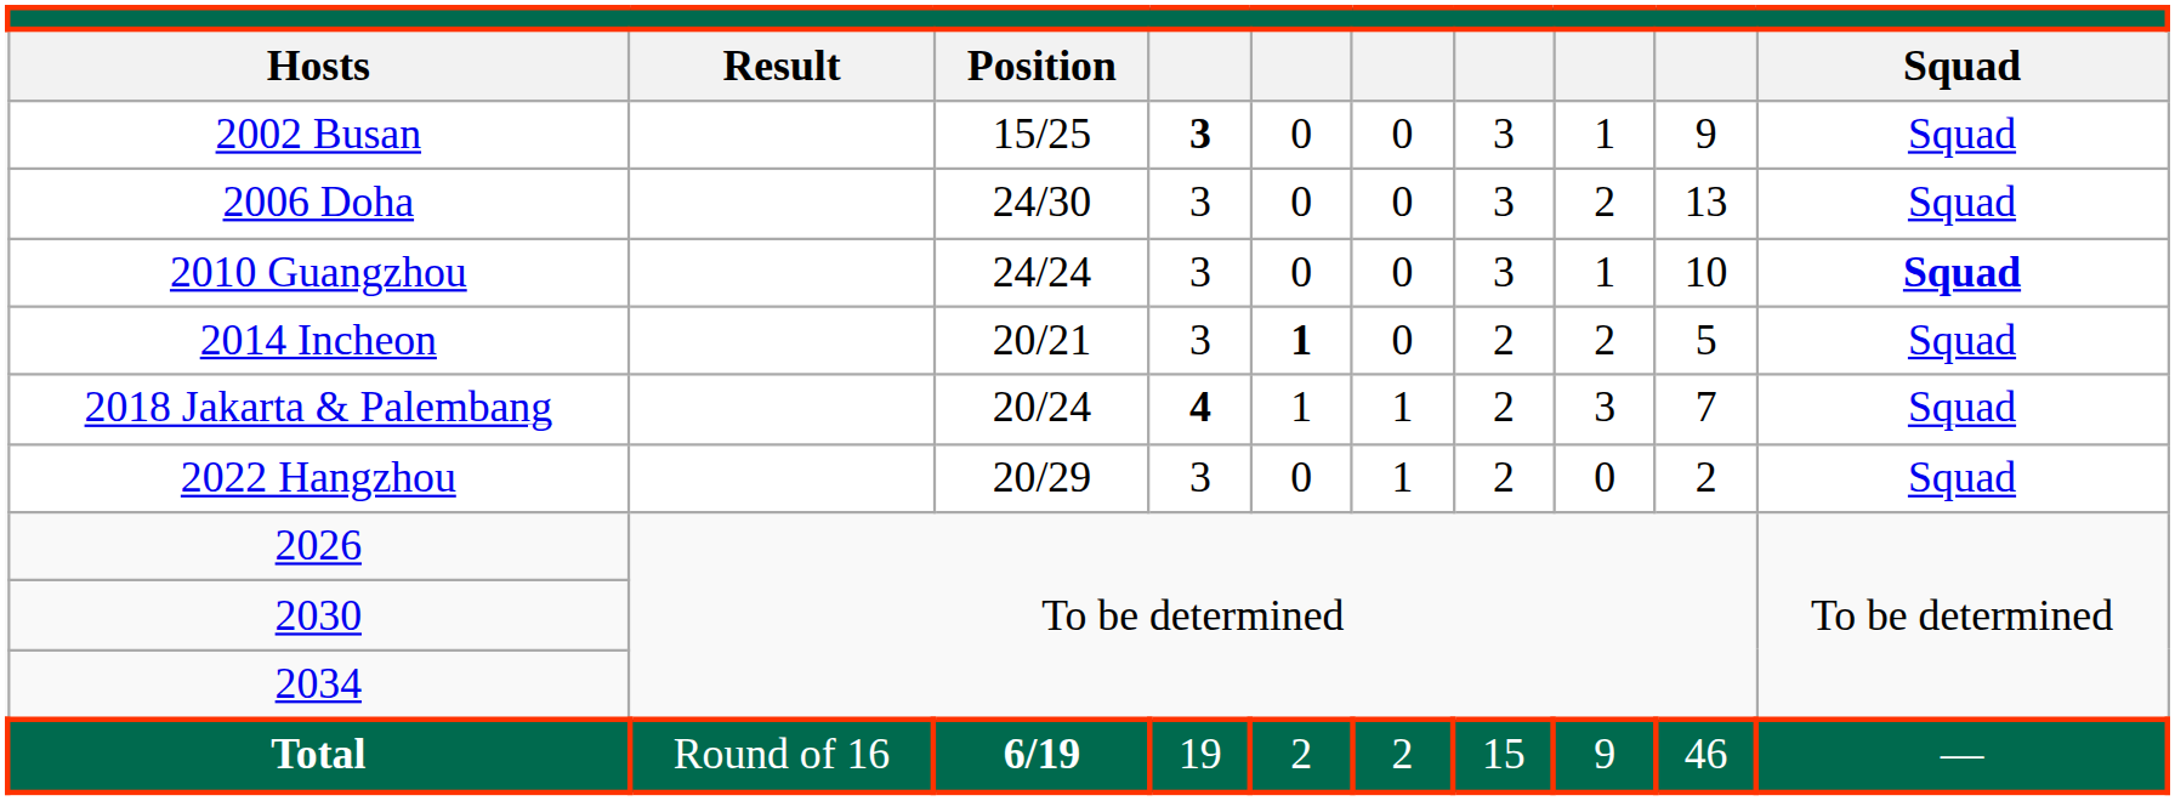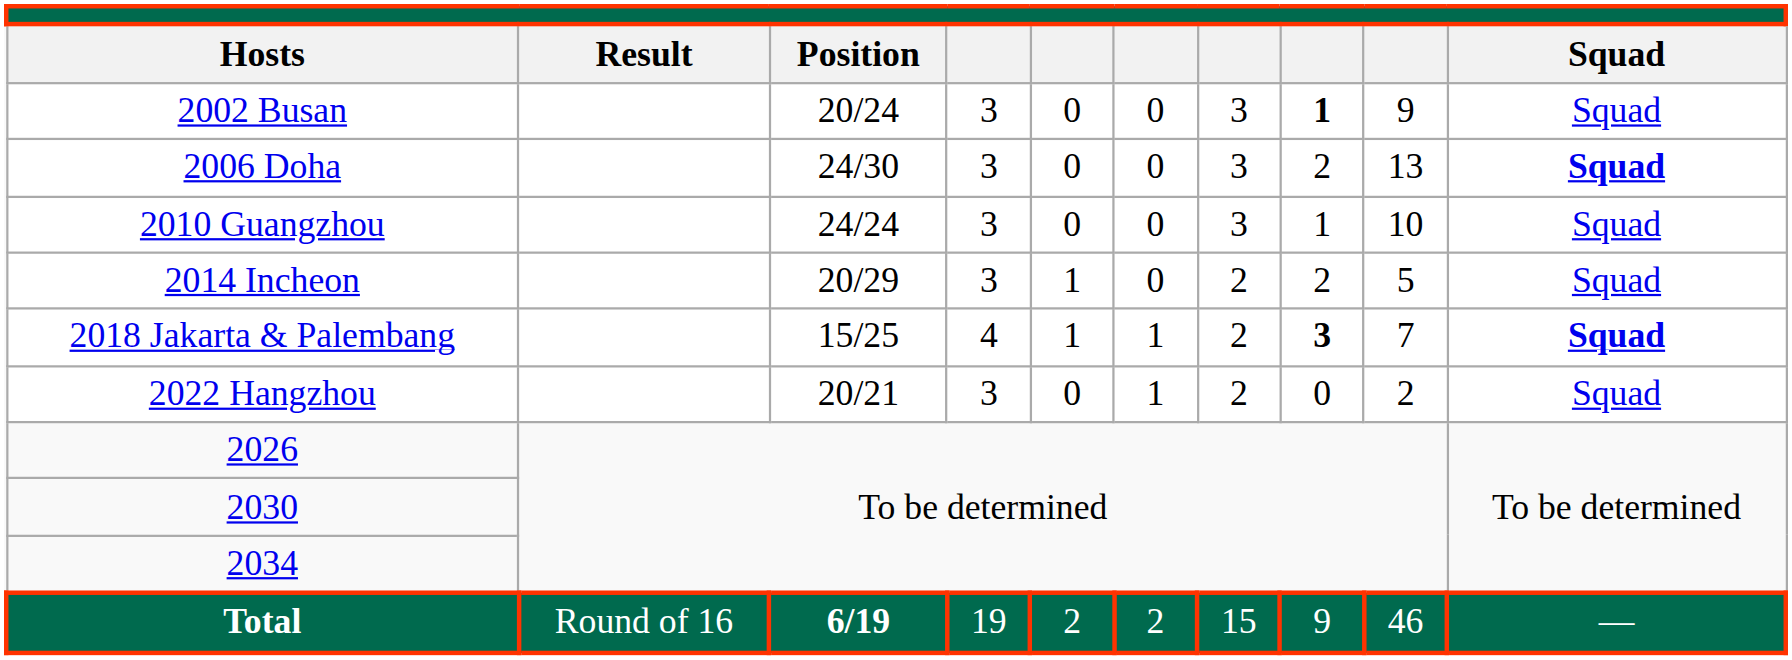 <table class="wikitable" style="text-align: center; font-size:100%; width: 800px">
 <tr>
 <th colspan=10 style="background: #006a4e;border: 2px solid #ff3300;color: #FFFFFF;"><a href='#'></a></th>
 </tr>
 <tr>
 <th>Hosts</th>
 <th>Result</th>
 <th>Position</th>
 <th width=30></th>
 <th width=30></th>
 <th width=30></th>
 <th width=30></th>
 <th width=30></th>
 <th width=30></th>
 <th>Squad</th>
 </tr>
 <tr style="background:White;">
 <td> <a href='#'>2002 Busan</a></td>
 <td></td>
-<td>15/25</td>
-<td><strong>3</strong></td>
+<td>20/24</td>
+<td>3</td>
 <td>0</td>
 <td>0</td>
 <td>3</td>
-<td>1</td>
+<td><strong>1</strong></td>
 <td>9</td>
 <td><a href='#'>Squad</a></td>
 </tr>
 <tr style="background:White;">
 <td> <a href='#'>2006 Doha</a></td>
 <td></td>
 <td>24/30</td>
 <td>3</td>
 <td>0</td>
 <td>0</td>
 <td>3</td>
 <td>2</td>
 <td>13</td>
-<td><a href='#'>Squad</a></td>
+<td><strong><a href='#'>Squad</a></strong></td>
 </tr>
 <tr style="background:White;">
 <td> <a href='#'>2010 Guangzhou</a></td>
 <td></td>
 <td>24/24</td>
 <td>3</td>
 <td>0</td>
 <td>0</td>
 <td>3</td>
 <td>1</td>
 <td>10</td>
-<td><strong><a href='#'>Squad</a></strong></td>
+<td><a href='#'>Squad</a></td>
 </tr>
 <tr style="background:White;">
 <td> <a href='#'>2014 Incheon</a></td>
 <td></td>
-<td>20/21</td>
+<td>20/29</td>
 <td>3</td>
-<td><strong>1</strong></td>
+<td>1</td>
 <td>0</td>
 <td>2</td>
 <td>2</td>
 <td>5</td>
 <td><a href='#'>Squad</a></td>
 </tr>
 <tr style="background:White;">
 <td> <a href='#'>2018 Jakarta & Palembang</a></td>
 <td></td>
-<td>20/24</td>
-<td><strong>4</strong></td>
+<td>15/25</td>
+<td>4</td>
 <td>1</td>
 <td>1</td>
 <td>2</td>
-<td>3</td>
+<td><strong>3</strong></td>
 <td>7</td>
-<td><a href='#'>Squad</a></td>
+<td><strong><a href='#'>Squad</a></strong></td>
 </tr>
 <tr style="background:White;">
 <td> <a href='#'>2022 Hangzhou</a></td>
 <td></td>
-<td>20/29</td>
+<td>20/21</td>
 <td>3</td>
 <td>0</td>
 <td>1</td>
 <td>2</td>
 <td>0</td>
 <td>2</td>
 <td><a href='#'>Squad</a></td>
 </tr>
 <tr>
 <td> <a href='#'>2026</a></td>
 <td rowspan=3 colspan=8>To be determined</td>
 <td rowspan=3 colspan=8>To be determined</td>
 </tr>
 <tr>
 <td> <a href='#'>2030</a></td>
 </tr>
 <tr>
 <td> <a href='#'>2034</a></td>
 </tr>
 <tr>
 <td style="background: #006a4e;border: 2px solid #ff3300;color: #FFFFFF;"><strong>Total</strong></td>
 <td style="background: #006a4e;border: 2px solid #ff3300;color: #FFFFFF;">Round of 16</td>
 <td style="background: #006a4e;border: 2px solid #ff3300;color: #FFFFFF;"><strong>6/19</strong></td>
 <td style="background: #006a4e;border: 2px solid #ff3300;color: #FFFFFF;">19</td>
 <td style="background: #006a4e;border: 2px solid #ff3300;color: #FFFFFF;">2</td>
 <td style="background: #006a4e;border: 2px solid #ff3300;color: #FFFFFF;">2</td>
 <td style="background: #006a4e;border: 2px solid #ff3300;color: #FFFFFF;">15</td>
 <td style="background: #006a4e;border: 2px solid #ff3300;color: #FFFFFF;">9</td>
 <td style="background: #006a4e;border: 2px solid #ff3300;color: #FFFFFF;">46</td>
 <td style="background: #006a4e;border: 2px solid #ff3300;color: #FFFFFF;">—</td>
 </tr>
 </table>
